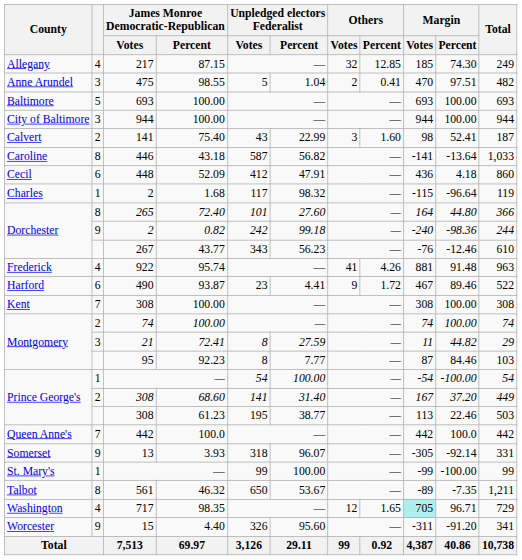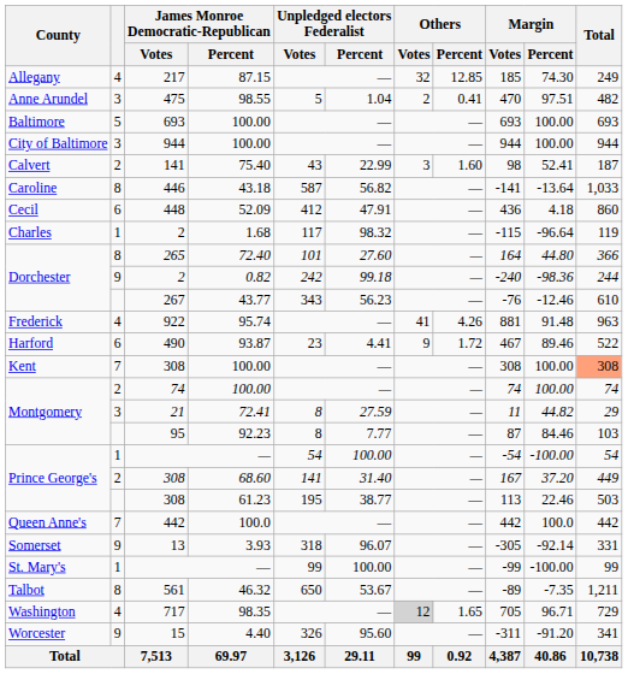 <table class="wikitable sortable">
 <tr>
 <th rowspan=2>County</th>
 <th rowspan=2></th>
 <th colspan=2>James Monroe<br>Democratic-Republican</th>
 <th colspan=2>Unpledged electors<br>Federalist</th>
 <th colspan=2>Others</th>
 <th colspan=2>Margin</th>
 <th rowspan=2>Total</th>
 </tr>
 <tr>
 <th>Votes</th>
 <th>Percent</th>
 <th>Votes</th>
 <th>Percent</th>
 <th>Votes</th>
 <th>Percent</th>
 <th>Votes</th>
 <th>Percent</th>
 </tr>
 <tr>
 <td><a href='#'>Allegany</a></td>
 <td>4</td>
 <td align=right>217</td>
 <td align=right>87.15</td>
 <td align=right colspan=2>—</td>
 <td align=right>32</td>
 <td align=right>12.85</td>
 <td align=right>185</td>
 <td align=right>74.30</td>
 <td align=right>249</td>
 </tr>
 <tr>
 <td><a href='#'>Anne Arundel</a></td>
 <td>3</td>
 <td align=right>475</td>
 <td align=right>98.55</td>
 <td align=right>5</td>
 <td align=right>1.04</td>
 <td align=right>2</td>
 <td align=right>0.41</td>
 <td align=right>470</td>
 <td align=right>97.51</td>
 <td align=right>482</td>
 </tr>
 <tr>
 <td><a href='#'>Baltimore</a></td>
 <td>5</td>
 <td align=right>693</td>
 <td align=right>100.00</td>
 <td align=right colspan=2>—</td>
 <td align=right colspan=2>—</td>
 <td align=right>693</td>
 <td align=right>100.00</td>
 <td align=right>693</td>
 </tr>
 <tr>
 <td><a href='#'>City of Baltimore</a></td>
 <td>3</td>
 <td align=right>944</td>
 <td align=right>100.00</td>
 <td align=right colspan=2>—</td>
 <td align=right colspan=2>—</td>
 <td align=right>944</td>
 <td align=right>100.00</td>
 <td align=right>944</td>
 </tr>
 <tr>
 <td><a href='#'>Calvert</a></td>
 <td>2</td>
 <td align=right>141</td>
 <td align=right>75.40</td>
 <td align=right>43</td>
 <td align=right>22.99</td>
 <td align=right>3</td>
 <td align=right>1.60</td>
 <td align=right>98</td>
 <td align=right>52.41</td>
 <td align=right>187</td>
 </tr>
 <tr>
 <td><a href='#'>Caroline</a></td>
 <td>8</td>
 <td align=right>446</td>
 <td align=right>43.18</td>
 <td align=right>587</td>
 <td align=right>56.82</td>
 <td align=right colspan=2>—</td>
 <td align=right>-141</td>
 <td align=right>-13.64</td>
 <td align=right>1,033</td>
 </tr>
 <tr>
 <td><a href='#'>Cecil</a></td>
 <td>6</td>
 <td align=right>448</td>
 <td align=right>52.09</td>
 <td align=right>412</td>
 <td align=right>47.91</td>
 <td align=right colspan=2>—</td>
 <td align=right>436</td>
 <td align=right>4.18</td>
 <td align=right>860</td>
 </tr>
 <tr>
 <td><a href='#'>Charles</a></td>
 <td>1</td>
 <td align=right>2</td>
 <td align=right>1.68</td>
 <td align=right>117</td>
 <td align=right>98.32</td>
 <td align=right colspan=2>—</td>
 <td align=right>-115</td>
 <td align=right>-96.64</td>
 <td align=right>119</td>
 </tr>
 <tr>
 <td rowspan=3 ><a href='#'>Dorchester</a></td>
 <td>8</td>
 <td align=right><em>265</em></td>
 <td align=right><em>72.40</em></td>
 <td align=right><em>101</em></td>
 <td align=right><em>27.60</em></td>
 <td align=right colspan=2><em>—</em></td>
 <td align=right><em>164</em></td>
 <td align=right><em>44.80</em></td>
 <td align=right><em>366</em></td>
 </tr>
 <tr>
 <td>9</td>
 <td align=right><em>2</em></td>
 <td align=right><em>0.82</em></td>
 <td align=right><em>242</em></td>
 <td align=right><em>99.18</em></td>
 <td align=right colspan=2><em>—</em></td>
 <td align=right><em>-240</em></td>
 <td align=right><em>-98.36</em></td>
 <td align=right><em>244</em></td>
 </tr>
 <tr>
 <td></td>
 <td align=right>267</td>
 <td align=right>43.77</td>
 <td align=right>343</td>
 <td align=right>56.23</td>
 <td align=right colspan=2>—</td>
 <td align=right>-76</td>
 <td align=right>-12.46</td>
 <td align=right>610</td>
 </tr>
 <tr>
 <td><a href='#'>Frederick</a></td>
 <td>4</td>
 <td align=right>922</td>
 <td align=right>95.74</td>
 <td align=right colspan=2>—</td>
 <td align=right>41</td>
 <td align=right>4.26</td>
 <td align=right>881</td>
 <td align=right>91.48</td>
 <td align=right>963</td>
 </tr>
 <tr>
 <td><a href='#'>Harford</a></td>
 <td>6</td>
 <td align=right>490</td>
 <td align=right>93.87</td>
 <td align=right>23</td>
 <td align=right>4.41</td>
 <td align=right>9</td>
 <td align=right>1.72</td>
 <td align=right>467</td>
 <td align=right>89.46</td>
 <td align=right>522</td>
 </tr>
 <tr>
 <td><a href='#'>Kent</a></td>
 <td>7</td>
 <td align=right>308</td>
 <td align=right>100.00</td>
 <td align=right colspan=2>—</td>
 <td align=right colspan=2>—</td>
 <td align=right>308</td>
 <td align=right>100.00</td>
-<td align=right>308</td>
+<td align=right style="background: lightsalmon;">308</td>
 </tr>
 <tr>
 <td rowspan=3><a href='#'>Montgomery</a></td>
 <td>2</td>
 <td align=right><em>74</em></td>
 <td align=right><em>100.00</em></td>
 <td align=right colspan=2><em>—</em></td>
 <td align=right colspan=2><em>—</em></td>
 <td align=right><em>74</em></td>
 <td align=right><em>100.00</em></td>
 <td align=right><em>74</em></td>
 </tr>
 <tr>
 <td>3</td>
 <td align=right><em>21</em></td>
 <td align=right><em>72.41</em></td>
 <td align=right><em>8</em></td>
 <td align=right><em>27.59</em></td>
 <td align=right colspan=2><em>—</em></td>
 <td align=right><em>11</em></td>
 <td align=right><em>44.82</em></td>
 <td align=right><em>29</em></td>
 </tr>
 <tr>
 <td></td>
 <td align=right>95</td>
 <td align=right>92.23</td>
 <td align=right>8</td>
 <td align=right>7.77</td>
 <td align=right colspan=2>—</td>
 <td align=right>87</td>
 <td align=right>84.46</td>
 <td align=right>103</td>
 </tr>
 <tr>
 <td rowspan=3 ><a href='#'>Prince George's</a></td>
 <td>1</td>
 <td align=right colspan=2><em>—</em></td>
 <td align=right><em>54</em></td>
 <td align=right><em>100.00</em></td>
 <td align=right colspan=2><em>—</em></td>
 <td align=right><em>-54</em></td>
 <td align=right><em>-100.00</em></td>
 <td align=right><em>54</em></td>
 </tr>
 <tr>
 <td>2</td>
 <td align=right><em>308</em></td>
 <td align=right><em>68.60</em></td>
 <td align=right><em>141</em></td>
 <td align=right><em>31.40</em></td>
 <td align=right colspan=2><em>—</em></td>
 <td align=right><em>167</em></td>
 <td align=right><em>37.20</em></td>
 <td align=right><em>449</em></td>
 </tr>
 <tr>
 <td></td>
 <td align=right>308</td>
 <td align=right>61.23</td>
 <td align=right>195</td>
 <td align=right>38.77</td>
 <td align=right colspan=2>—</td>
 <td align=right>113</td>
 <td align=right>22.46</td>
 <td align=right>503</td>
 </tr>
 <tr>
 <td><a href='#'>Queen Anne's</a></td>
 <td>7</td>
 <td align=right>442</td>
 <td align=right>100.0</td>
 <td align=right colspan=2>—</td>
 <td align=right colspan=2>—</td>
 <td align=right>442</td>
 <td align=right>100.0</td>
 <td align=right>442</td>
 </tr>
 <tr>
 <td><a href='#'>Somerset</a></td>
 <td>9</td>
 <td align=right>13</td>
 <td align=right>3.93</td>
 <td align=right>318</td>
 <td align=right>96.07</td>
 <td align=right colspan=2>—</td>
 <td align=right>-305</td>
 <td align=right>-92.14</td>
 <td align=right>331</td>
 </tr>
 <tr>
 <td><a href='#'>St. Mary's</a></td>
 <td>1</td>
 <td align=right colspan=2>—</td>
 <td align=right>99</td>
 <td align=right>100.00</td>
 <td align=right colspan=2>—</td>
 <td align=right>-99</td>
 <td align=right>-100.00</td>
 <td align=right>99</td>
 </tr>
 <tr>
 <td><a href='#'>Talbot</a></td>
 <td>8</td>
 <td align=right>561</td>
 <td align=right>46.32</td>
 <td align=right>650</td>
 <td align=right>53.67</td>
 <td align=right colspan=2>—</td>
 <td align=right>-89</td>
 <td align=right>-7.35</td>
 <td align=right>1,211</td>
 </tr>
 <tr>
 <td><a href='#'>Washington</a></td>
 <td>4</td>
 <td align=right>717</td>
 <td align=right>98.35</td>
 <td align=right colspan=2>—</td>
-<td align=right>12</td>
+<td align=right style="background: lightgrey;">12</td>
 <td align=right>1.65</td>
-<td align=right style="background: paleturquoise;">705</td>
+<td align=right>705</td>
 <td align=right>96.71</td>
 <td align=right>729</td>
 </tr>
 <tr>
 <td><a href='#'>Worcester</a></td>
 <td>9</td>
 <td align=right>15</td>
 <td align=right>4.40</td>
 <td align=right>326</td>
 <td align=right>95.60</td>
 <td align=right colspan=2>—</td>
 <td align=right>-311</td>
 <td align=right>-91.20</td>
 <td align=right>341</td>
 </tr>
 <tr>
 <th colspan=2>Total</th>
 <th>7,513</th>
 <th>69.97</th>
 <th>3,126</th>
 <th>29.11</th>
 <th>99</th>
 <th>0.92</th>
 <th>4,387</th>
 <th>40.86</th>
 <th>10,738</th>
 </tr>
 </table>
